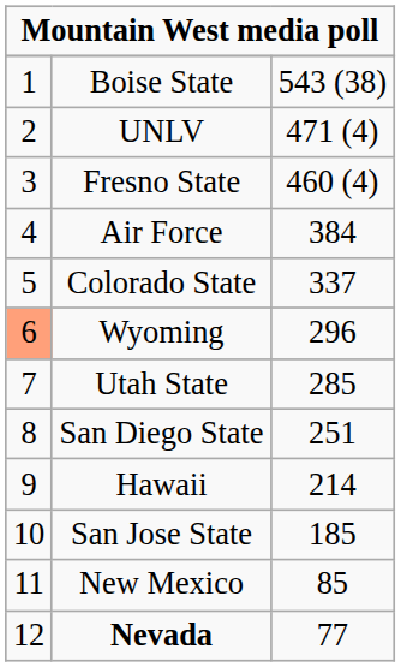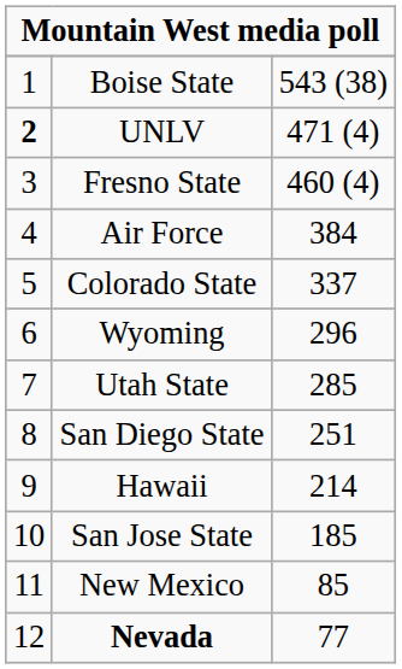 <table class="wikitable" style="display: inline-table;">
 <tr>
 <td align="center" Colspan="3"><strong>Mountain West media poll</strong></td>
 </tr>
 <tr align="center">
 </tr>
 <tr align="center">
 <td>1</td>
 <td>Boise State</td>
 <td>543 (38)</td>
 </tr>
 <tr align="center">
-<td>2</td>
+<td><strong>2</strong></td>
 <td>UNLV</td>
 <td>471 (4)</td>
 </tr>
 <tr align="center">
 <td>3</td>
 <td>Fresno State</td>
 <td>460 (4)</td>
 </tr>
 <tr align="center">
 <td>4</td>
 <td>Air Force</td>
 <td>384</td>
 </tr>
 <tr align="center">
 <td>5</td>
 <td>Colorado State</td>
 <td>337</td>
 </tr>
 <tr align="center">
-<td style="background: lightsalmon;">6</td>
+<td>6</td>
 <td>Wyoming</td>
 <td>296</td>
 </tr>
 <tr align="center">
 <td>7</td>
 <td>Utah State</td>
 <td>285</td>
 </tr>
 <tr align="center">
 <td>8</td>
 <td>San Diego State</td>
 <td>251</td>
 </tr>
 <tr align="center">
 <td>9</td>
 <td>Hawaii</td>
 <td>214</td>
 </tr>
 <tr align="center">
 <td>10</td>
 <td>San Jose State</td>
 <td>185</td>
 </tr>
 <tr align="center">
 <td>11</td>
 <td>New Mexico</td>
 <td>85</td>
 </tr>
 <tr align="center">
 <td>12</td>
 <td><strong>Nevada</strong></td>
 <td>77</td>
 </tr>
 </table>
